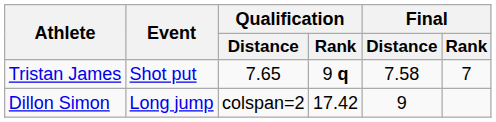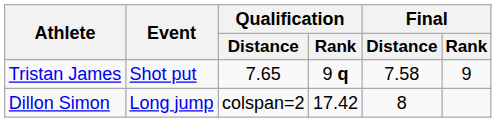 <table class="wikitable" style="font-size:90%; text-align:center">
 <tr>
 <th rowspan=2>Athlete</th>
 <th rowspan=2>Event</th>
 <th colspan=2>Qualification</th>
 <th colspan=2>Final</th>
 </tr>
 <tr style="font-size:95%">
 <th>Distance</th>
 <th>Rank</th>
 <th>Distance</th>
 <th>Rank</th>
 </tr>
 <tr>
 <td align=left><a href='#'>Tristan James</a></td>
 <td align=left rowspan=1><a href='#'>Shot put</a></td>
 <td>7.65</td>
 <td>9 <strong>q</strong></td>
 <td>7.58</td>
-<td>7</td>
+<td>9</td>
 </tr>
 <tr>
 <td align=left><a href='#'>Dillon Simon</a></td>
 <td align=left rowspan=1><a href='#'>Long jump</a></td>
 <td>colspan=2 </td>
 <td>17.42</td>
-<td>9</td>
+<td>8</td>
 </tr>
 </table>
